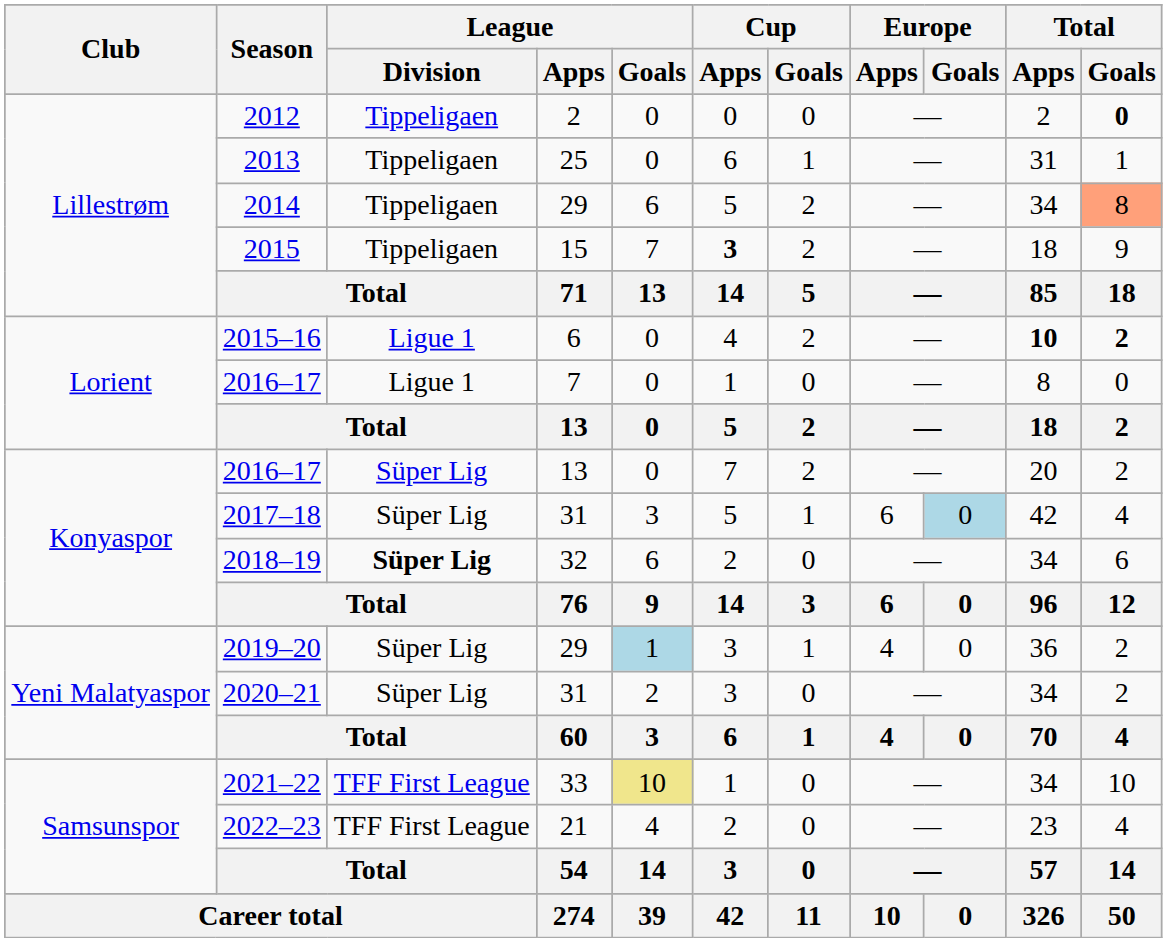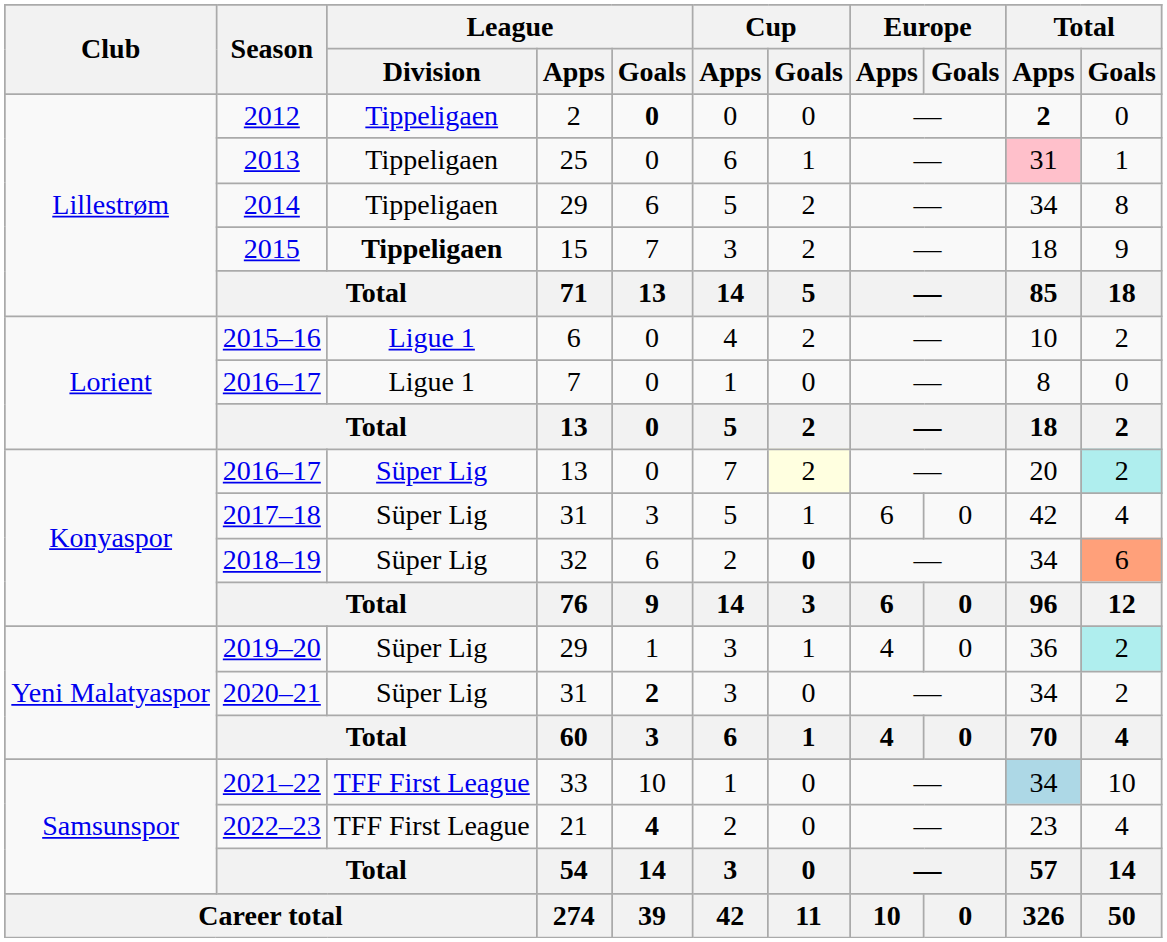 <table class="wikitable" style="text-align:center">
 <tr>
 <th rowspan="2">Club</th>
 <th rowspan="2">Season</th>
 <th colspan="3">League</th>
 <th colspan="2">Cup</th>
 <th colspan="2">Europe</th>
 <th colspan="2">Total</th>
 </tr>
 <tr>
 <th>Division</th>
 <th>Apps</th>
 <th>Goals</th>
 <th>Apps</th>
 <th>Goals</th>
 <th>Apps</th>
 <th>Goals</th>
 <th>Apps</th>
 <th>Goals</th>
 </tr>
 <tr>
 <td rowspan="5"><a href='#'>Lillestrøm</a></td>
 <td><a href='#'>2012</a></td>
 <td><a href='#'>Tippeligaen</a></td>
 <td>2</td>
-<td>0</td>
+<td><strong>0</strong></td>
 <td>0</td>
 <td>0</td>
 <td colspan="2">—</td>
-<td>2</td>
-<td><strong>0</strong></td>
+<td><strong>2</strong></td>
+<td>0</td>
 </tr>
 <tr>
 <td><a href='#'>2013</a></td>
 <td>Tippeligaen</td>
 <td>25</td>
 <td>0</td>
 <td>6</td>
 <td>1</td>
 <td colspan="2">—</td>
-<td>31</td>
+<td style="background: pink;">31</td>
 <td>1</td>
 </tr>
 <tr>
 <td><a href='#'>2014</a></td>
 <td>Tippeligaen</td>
 <td>29</td>
 <td>6</td>
 <td>5</td>
 <td>2</td>
 <td colspan="2">—</td>
 <td>34</td>
-<td style="background: lightsalmon;">8</td>
+<td>8</td>
 </tr>
 <tr>
 <td><a href='#'>2015</a></td>
-<td>Tippeligaen</td>
+<td><strong>Tippeligaen</strong></td>
 <td>15</td>
 <td>7</td>
-<td><strong>3</strong></td>
+<td>3</td>
 <td>2</td>
 <td colspan="2">—</td>
 <td>18</td>
 <td>9</td>
 </tr>
 <tr>
 <th colspan="2">Total</th>
 <th>71</th>
 <th>13</th>
 <th>14</th>
 <th>5</th>
 <th colspan="2">—</th>
 <th>85</th>
 <th>18</th>
 </tr>
 <tr>
 <td rowspan="3"><a href='#'>Lorient</a></td>
 <td><a href='#'>2015–16</a></td>
 <td><a href='#'>Ligue 1</a></td>
 <td>6</td>
 <td>0</td>
 <td>4</td>
 <td>2</td>
 <td colspan="2">—</td>
-<td><strong>10</strong></td>
-<td><strong>2</strong></td>
+<td>10</td>
+<td>2</td>
 </tr>
 <tr>
 <td><a href='#'>2016–17</a></td>
 <td>Ligue 1</td>
 <td>7</td>
 <td>0</td>
 <td>1</td>
 <td>0</td>
 <td colspan="2">—</td>
 <td>8</td>
 <td>0</td>
 </tr>
 <tr>
 <th colspan="2">Total</th>
 <th>13</th>
 <th>0</th>
 <th>5</th>
 <th>2</th>
 <th colspan="2">—</th>
 <th>18</th>
 <th>2</th>
 </tr>
 <tr>
 <td rowspan="4"><a href='#'>Konyaspor</a></td>
 <td><a href='#'>2016–17</a></td>
 <td><a href='#'>Süper Lig</a></td>
 <td>13</td>
 <td>0</td>
 <td>7</td>
-<td>2</td>
+<td style="background: lightyellow;">2</td>
 <td colspan="2">—</td>
 <td>20</td>
-<td>2</td>
+<td style="background: paleturquoise;">2</td>
 </tr>
 <tr>
 <td><a href='#'>2017–18</a></td>
 <td>Süper Lig</td>
 <td>31</td>
 <td>3</td>
 <td>5</td>
 <td>1</td>
 <td>6</td>
-<td style="background: lightblue;">0</td>
+<td>0</td>
 <td>42</td>
 <td>4</td>
 </tr>
 <tr>
 <td><a href='#'>2018–19</a></td>
-<td><strong>Süper Lig</strong></td>
+<td>Süper Lig</td>
 <td>32</td>
 <td>6</td>
 <td>2</td>
-<td>0</td>
+<td><strong>0</strong></td>
 <td colspan="2">—</td>
 <td>34</td>
-<td>6</td>
+<td style="background: lightsalmon;">6</td>
 </tr>
 <tr>
 <th colspan="2">Total</th>
 <th>76</th>
 <th>9</th>
 <th>14</th>
 <th>3</th>
 <th>6</th>
 <th>0</th>
 <th>96</th>
 <th>12</th>
 </tr>
 <tr>
 <td rowspan="3"><a href='#'>Yeni Malatyaspor</a></td>
 <td><a href='#'>2019–20</a></td>
 <td>Süper Lig</td>
 <td>29</td>
-<td style="background: lightblue;">1</td>
+<td>1</td>
 <td>3</td>
 <td>1</td>
 <td>4</td>
 <td>0</td>
 <td>36</td>
-<td>2</td>
+<td style="background: paleturquoise;">2</td>
 </tr>
 <tr>
 <td><a href='#'>2020–21</a></td>
 <td>Süper Lig</td>
 <td>31</td>
-<td>2</td>
+<td><strong>2</strong></td>
 <td>3</td>
 <td>0</td>
 <td colspan="2">—</td>
 <td>34</td>
 <td>2</td>
 </tr>
 <tr>
 <th colspan="2">Total</th>
 <th>60</th>
 <th>3</th>
 <th>6</th>
 <th>1</th>
 <th>4</th>
 <th>0</th>
 <th>70</th>
 <th>4</th>
 </tr>
 <tr>
 <td rowspan="3"><a href='#'>Samsunspor</a></td>
 <td><a href='#'>2021–22</a></td>
 <td><a href='#'>TFF First League</a></td>
 <td>33</td>
-<td style="background: khaki;">10</td>
+<td>10</td>
 <td>1</td>
 <td>0</td>
 <td colspan="2">—</td>
-<td>34</td>
+<td style="background: lightblue;">34</td>
 <td>10</td>
 </tr>
 <tr>
 <td><a href='#'>2022–23</a></td>
 <td>TFF First League</td>
 <td>21</td>
-<td>4</td>
+<td><strong>4</strong></td>
 <td>2</td>
 <td>0</td>
 <td colspan="2">—</td>
 <td>23</td>
 <td>4</td>
 </tr>
 <tr>
 <th colspan="2">Total</th>
 <th>54</th>
 <th>14</th>
 <th>3</th>
 <th>0</th>
 <th colspan="2">—</th>
 <th>57</th>
 <th>14</th>
 </tr>
 <tr>
 <th colspan="3">Career total</th>
 <th>274</th>
 <th>39</th>
 <th>42</th>
 <th>11</th>
 <th>10</th>
 <th>0</th>
 <th>326</th>
 <th>50</th>
 </tr>
 </table>
